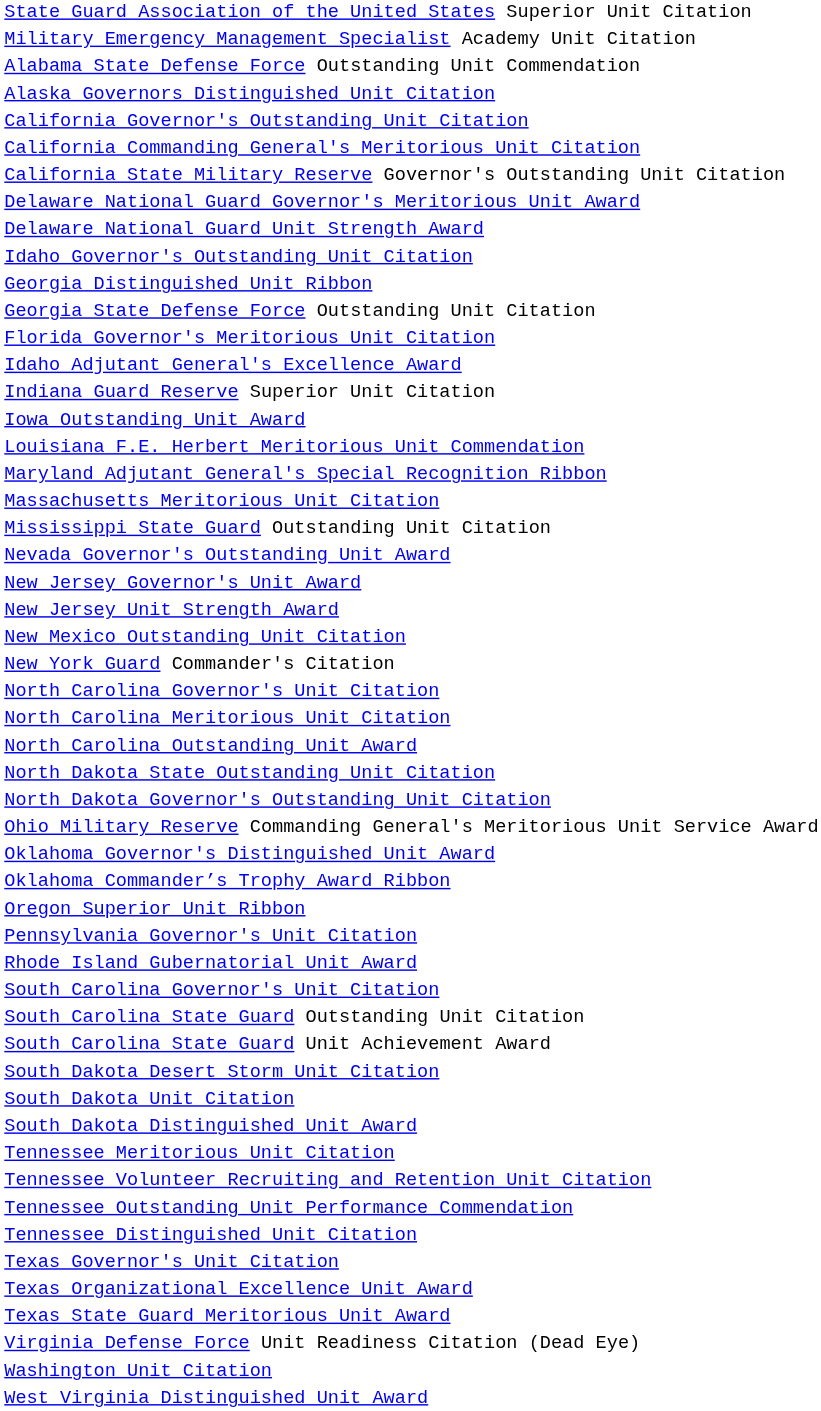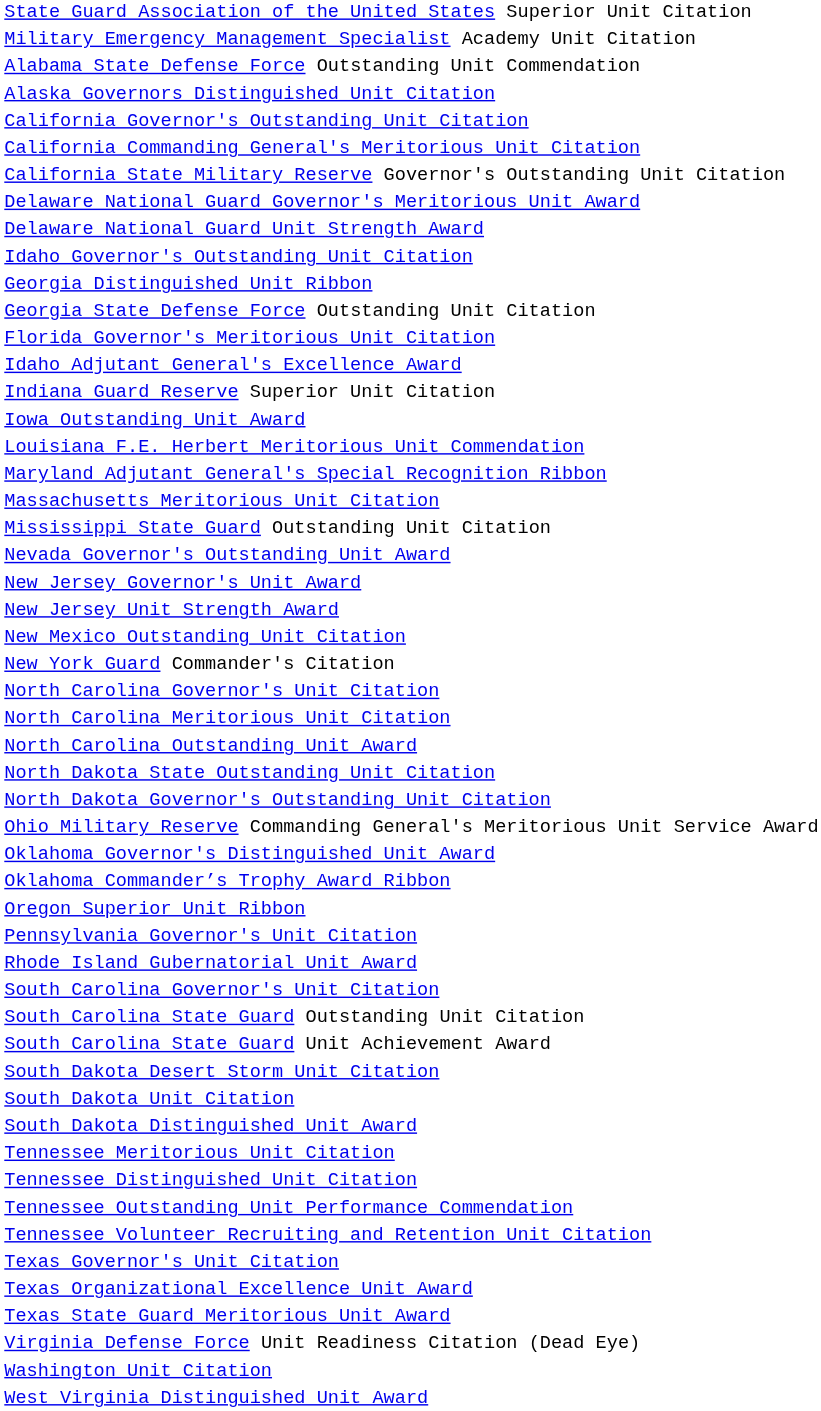 <table>
 <tr>
 <td> <a href='#'>State Guard Association of the United States</a> Superior Unit Citation</td>
 </tr>
 <tr>
 <td> <a href='#'>Military Emergency Management Specialist</a> Academy Unit Citation</td>
 </tr>
 <tr>
 <td> <a href='#'>Alabama State Defense Force</a> Outstanding Unit Commendation</td>
 </tr>
 <tr>
 <td> <a href='#'>Alaska Governors Distinguished Unit Citation</a></td>
 </tr>
 <tr>
 <td> <a href='#'>California Governor's Outstanding Unit Citation</a></td>
 </tr>
 <tr>
 <td> <a href='#'>California Commanding General's Meritorious Unit Citation</a></td>
 </tr>
 <tr>
 <td> <a href='#'>California State Military Reserve</a> Governor's Outstanding Unit Citation</td>
 </tr>
 <tr>
 <td> <a href='#'>Delaware National Guard Governor's Meritorious Unit Award</a></td>
 </tr>
 <tr>
 <td> <a href='#'>Delaware National Guard Unit Strength Award</a></td>
 </tr>
 <tr>
 <td> <a href='#'>Idaho Governor's Outstanding Unit Citation</a></td>
 </tr>
 <tr>
 <td> <a href='#'>Georgia Distinguished Unit Ribbon</a></td>
 </tr>
 <tr>
 <td> <a href='#'>Georgia State Defense Force</a> Outstanding Unit Citation</td>
 </tr>
 <tr>
 <td> <a href='#'>Florida Governor's Meritorious Unit Citation</a></td>
 </tr>
 <tr>
 <td> <a href='#'>Idaho Adjutant General's Excellence Award</a></td>
 </tr>
 <tr>
 <td> <a href='#'>Indiana Guard Reserve</a> Superior Unit Citation</td>
 </tr>
 <tr>
 <td> <a href='#'>Iowa Outstanding Unit Award</a></td>
 </tr>
 <tr>
 <td> <a href='#'>Louisiana F.E. Herbert Meritorious Unit Commendation</a></td>
 </tr>
 <tr>
 <td> <a href='#'>Maryland Adjutant General's Special Recognition Ribbon</a></td>
 </tr>
 <tr>
 <td> <a href='#'>Massachusetts Meritorious Unit Citation</a></td>
 </tr>
 <tr>
 <td> <a href='#'>Mississippi State Guard</a> Outstanding Unit Citation</td>
 </tr>
 <tr>
 <td> <a href='#'>Nevada Governor's Outstanding Unit Award</a></td>
 </tr>
 <tr>
 <td> <a href='#'>New Jersey Governor's Unit Award</a></td>
 </tr>
 <tr>
 <td> <a href='#'>New Jersey Unit Strength Award</a></td>
 </tr>
 <tr>
 <td> <a href='#'>New Mexico Outstanding Unit Citation</a></td>
 </tr>
 <tr>
 <td> <a href='#'>New York Guard</a> Commander's Citation</td>
 </tr>
 <tr>
 <td> <a href='#'>North Carolina Governor's Unit Citation</a></td>
 </tr>
 <tr>
 <td> <a href='#'>North Carolina Meritorious Unit Citation</a></td>
 </tr>
 <tr>
 <td> <a href='#'>North Carolina Outstanding Unit Award</a></td>
 </tr>
 <tr>
 <td> <a href='#'>North Dakota State Outstanding Unit Citation</a></td>
 </tr>
 <tr>
 <td> <a href='#'>North Dakota Governor's Outstanding Unit Citation</a></td>
 </tr>
 <tr>
 <td> <a href='#'>Ohio Military Reserve</a> Commanding General's Meritorious Unit Service Award</td>
 </tr>
 <tr>
 <td> <a href='#'>Oklahoma Governor's Distinguished Unit Award</a></td>
 </tr>
 <tr>
 <td> <a href='#'>Oklahoma Commander’s Trophy Award Ribbon</a></td>
 </tr>
 <tr>
 <td> <a href='#'>Oregon Superior Unit Ribbon</a></td>
 </tr>
 <tr>
 <td> <a href='#'>Pennsylvania Governor's Unit Citation</a></td>
 </tr>
 <tr>
 <td> <a href='#'>Rhode Island Gubernatorial Unit Award</a></td>
 </tr>
 <tr>
 <td> <a href='#'>South Carolina Governor's Unit Citation</a></td>
 </tr>
 <tr>
 <td> <a href='#'>South Carolina State Guard</a> Outstanding Unit Citation</td>
 </tr>
 <tr>
 <td> <a href='#'>South Carolina State Guard</a> Unit Achievement Award</td>
 </tr>
 <tr>
 <td> <a href='#'>South Dakota Desert Storm Unit Citation</a></td>
 </tr>
 <tr>
 <td> <a href='#'>South Dakota Unit Citation</a></td>
 </tr>
 <tr>
 <td> <a href='#'>South Dakota Distinguished Unit Award</a></td>
 </tr>
 <tr>
 <td> <a href='#'>Tennessee Meritorious Unit Citation</a></td>
 </tr>
 <tr>
-<td> <a href='#'>Tennessee Volunteer Recruiting and Retention Unit Citation</a></td>
+<td> <a href='#'>Tennessee Distinguished Unit Citation</a></td>
 </tr>
 <tr>
 <td> <a href='#'>Tennessee Outstanding Unit Performance Commendation</a></td>
 </tr>
 <tr>
-<td> <a href='#'>Tennessee Distinguished Unit Citation</a></td>
+<td> <a href='#'>Tennessee Volunteer Recruiting and Retention Unit Citation</a></td>
 </tr>
 <tr>
 <td> <a href='#'>Texas Governor's Unit Citation</a></td>
 </tr>
 <tr>
 <td> <a href='#'>Texas Organizational Excellence Unit Award</a></td>
 </tr>
 <tr>
 <td> <a href='#'>Texas State Guard Meritorious Unit Award</a></td>
 </tr>
 <tr>
 <td> <a href='#'>Virginia Defense Force</a> Unit Readiness Citation (Dead Eye)</td>
 </tr>
 <tr>
 <td> <a href='#'>Washington Unit Citation</a></td>
 </tr>
 <tr>
 <td> <a href='#'>West Virginia Distinguished Unit Award</a></td>
 </tr>
 </table>
